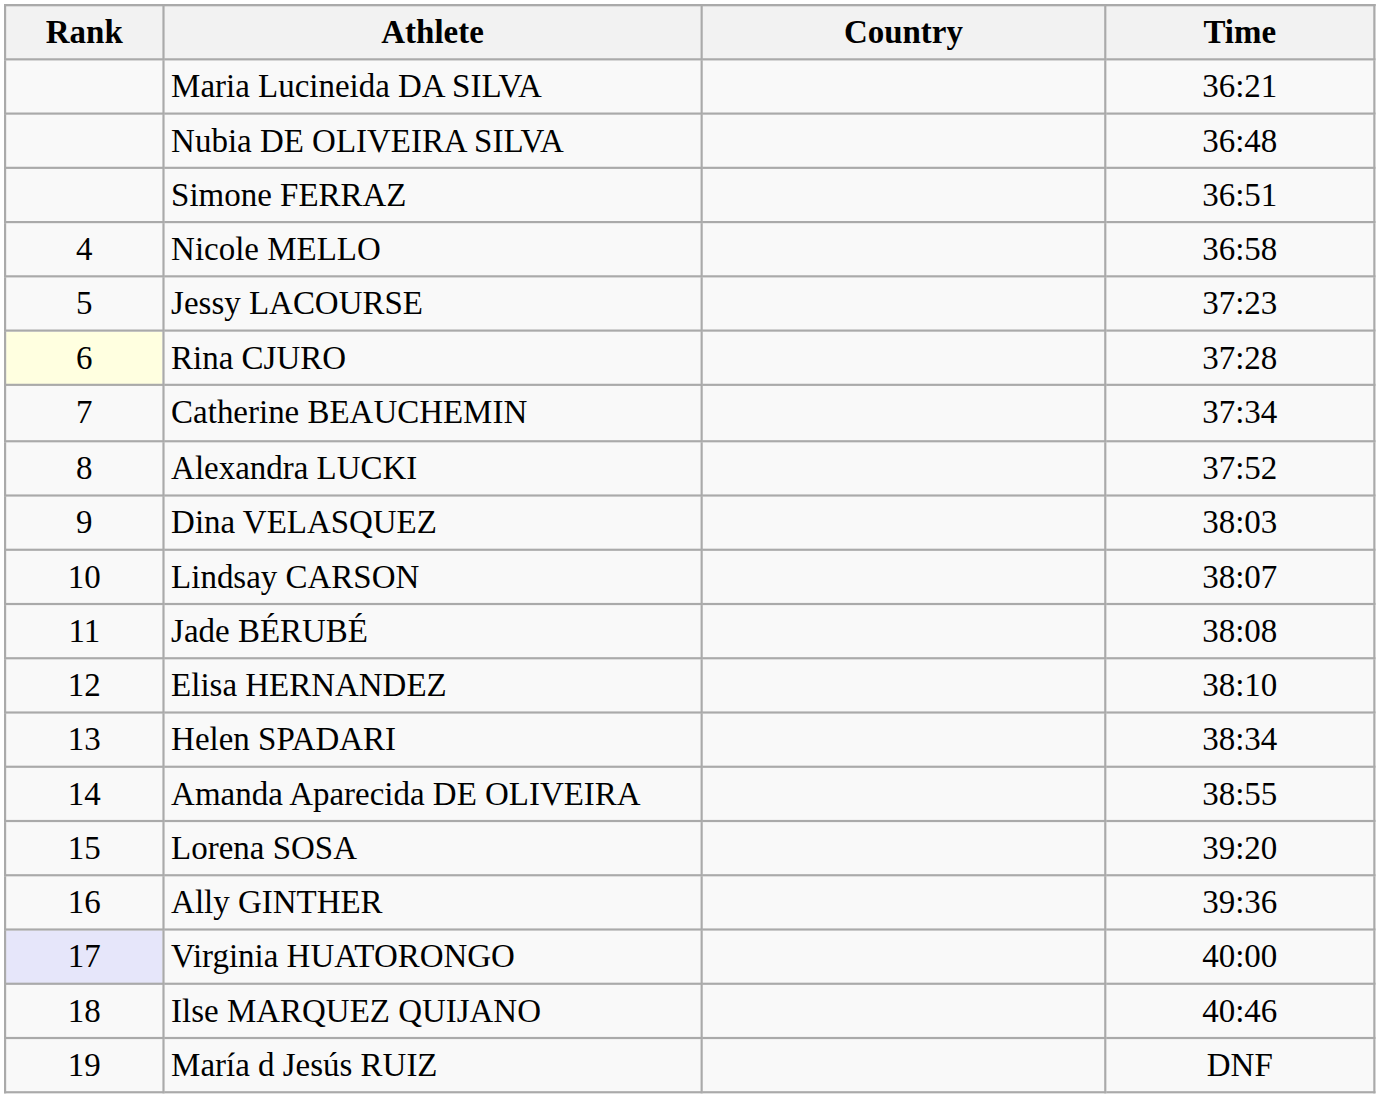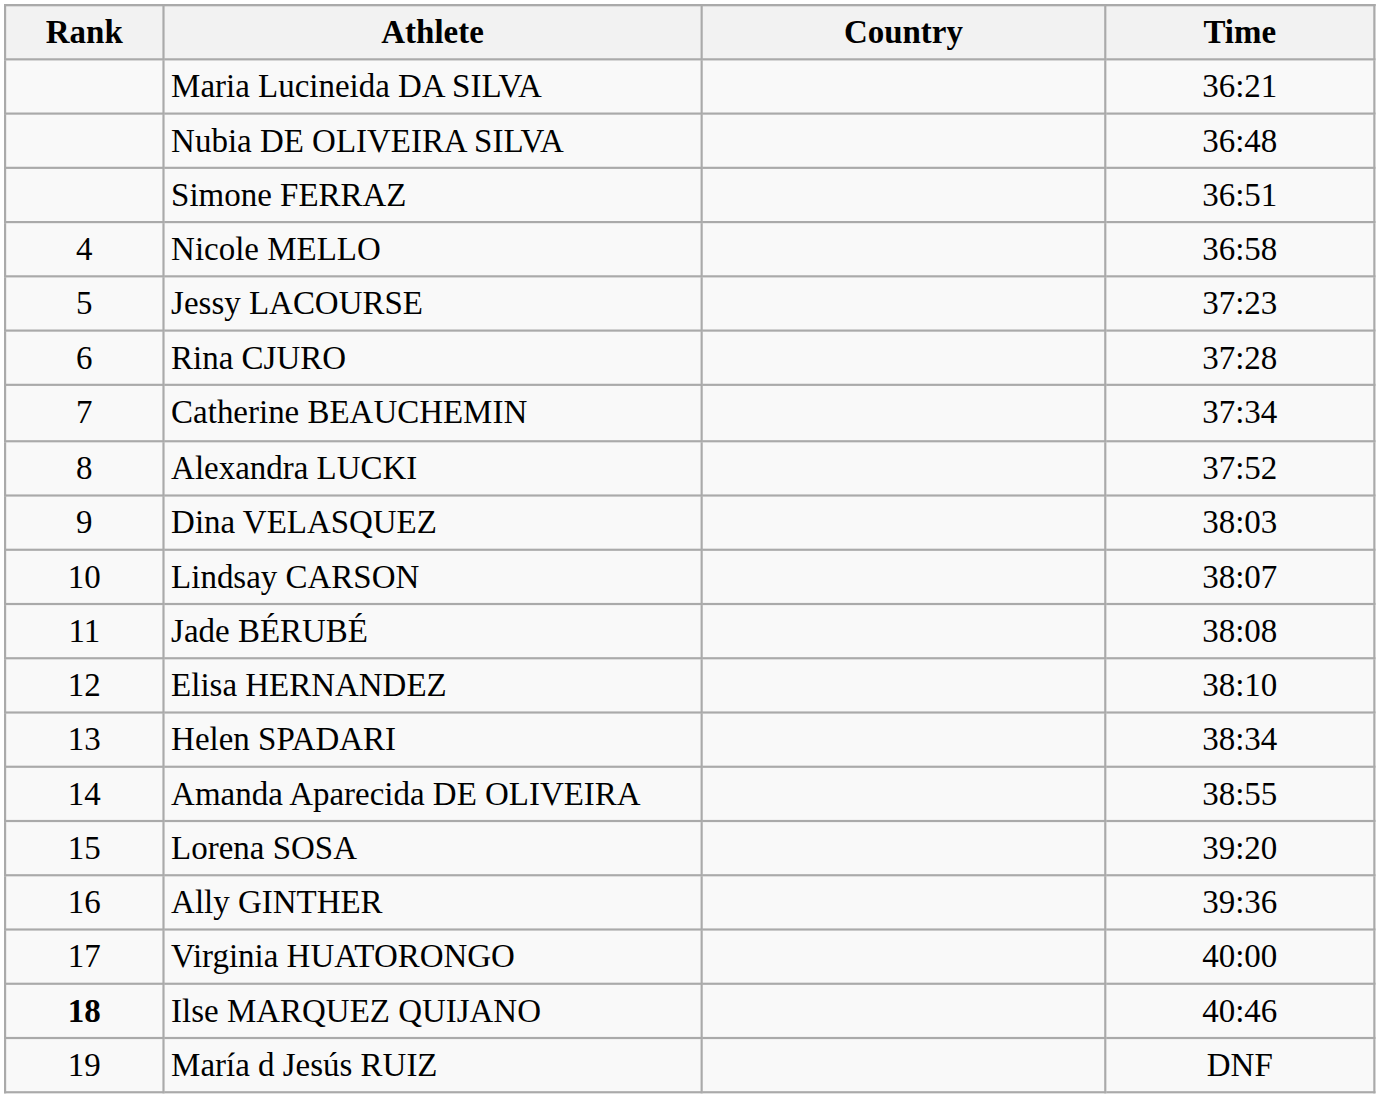 <table class="wikitable sortable" style=" text-align:center; font-size:95%;" width="50%">
 <tr>
 </tr>
 <tr>
 <th width=5%>Rank</th>
 <th width=20%>Athlete</th>
 <th width=15%>Country</th>
 <th width=10%>Time</th>
 </tr>
 <tr>
 <td align=center></td>
 <td align=left>Maria Lucineida DA SILVA</td>
 <td align=left></td>
 <td>36:21</td>
 </tr>
 <tr>
 <td align=center></td>
 <td align=left>Nubia DE OLIVEIRA SILVA</td>
 <td align=left></td>
 <td>36:48</td>
 </tr>
 <tr>
 <td align=center></td>
 <td align=left>Simone FERRAZ</td>
 <td align=left></td>
 <td>36:51</td>
 </tr>
 <tr>
 <td align=center>4</td>
 <td align=left>Nicole MELLO</td>
 <td align=left></td>
 <td>36:58</td>
 </tr>
 <tr>
 <td align=center>5</td>
 <td align=left>Jessy LACOURSE</td>
 <td align=left></td>
 <td>37:23</td>
 </tr>
 <tr>
-<td align=center style="background: lightyellow;">6</td>
+<td align=center>6</td>
 <td align=left>Rina CJURO</td>
 <td align=left></td>
 <td>37:28</td>
 </tr>
 <tr>
 <td align=center>7</td>
 <td align=left>Catherine BEAUCHEMIN</td>
 <td align=left></td>
 <td>37:34</td>
 </tr>
 <tr>
 <td align=center>8</td>
 <td align=left>Alexandra LUCKI</td>
 <td align=left></td>
 <td>37:52</td>
 </tr>
 <tr>
 <td align=center>9</td>
 <td align=left>Dina VELASQUEZ</td>
 <td align=left></td>
 <td>38:03</td>
 </tr>
 <tr>
 <td align=center>10</td>
 <td align=left>Lindsay CARSON</td>
 <td align=left></td>
 <td>38:07</td>
 </tr>
 <tr>
 <td align=center>11</td>
 <td align=left>Jade BÉRUBÉ</td>
 <td align=left></td>
 <td>38:08</td>
 </tr>
 <tr>
 <td align=center>12</td>
 <td align=left>Elisa HERNANDEZ</td>
 <td align=left></td>
 <td>38:10</td>
 </tr>
 <tr>
 <td align=center>13</td>
 <td align=left>Helen SPADARI</td>
 <td align=left></td>
 <td>38:34</td>
 </tr>
 <tr>
 <td align=center>14</td>
 <td align=left>Amanda Aparecida DE OLIVEIRA</td>
 <td align=left></td>
 <td>38:55</td>
 </tr>
 <tr>
 <td align=center>15</td>
 <td align=left>Lorena SOSA</td>
 <td align=left></td>
 <td>39:20</td>
 </tr>
 <tr>
 <td align=center>16</td>
 <td align=left>Ally GINTHER</td>
 <td align=left></td>
 <td>39:36</td>
 </tr>
 <tr>
-<td align=center style="background: lavender;">17</td>
+<td align=center>17</td>
 <td align=left>Virginia HUATORONGO</td>
 <td align=left></td>
 <td>40:00</td>
 </tr>
 <tr>
-<td align=center>18</td>
+<td align=center><strong>18</strong></td>
 <td align=left>Ilse MARQUEZ QUIJANO</td>
 <td align=left></td>
 <td>40:46</td>
 </tr>
 <tr>
 <td align=center>19</td>
 <td align=left>María d Jesús RUIZ</td>
 <td align=left></td>
 <td>DNF</td>
 </tr>
 </table>
